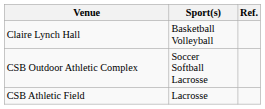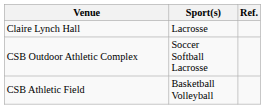 <table class="wikitable"; style= "text-align: ">
 <tr>
 <th width=250px>Venue</th>
 <th width=100px>Sport(s)</th>
 <th width=px>Ref.</th>
 </tr>
 <tr>
 <td>Claire Lynch Hall</td>
-<td>Basketball <br> Volleyball</td>
+<td>Lacrosse</td>
 <td></td>
 </tr>
 <tr>
 <td>CSB Outdoor Athletic Complex</td>
 <td>Soccer <br> Softball <br> Lacrosse</td>
 <td></td>
 </tr>
 <tr>
 <td>CSB Athletic Field</td>
-<td>Lacrosse</td>
+<td>Basketball <br> Volleyball</td>
 <td></td>
 </tr>
 </table>
